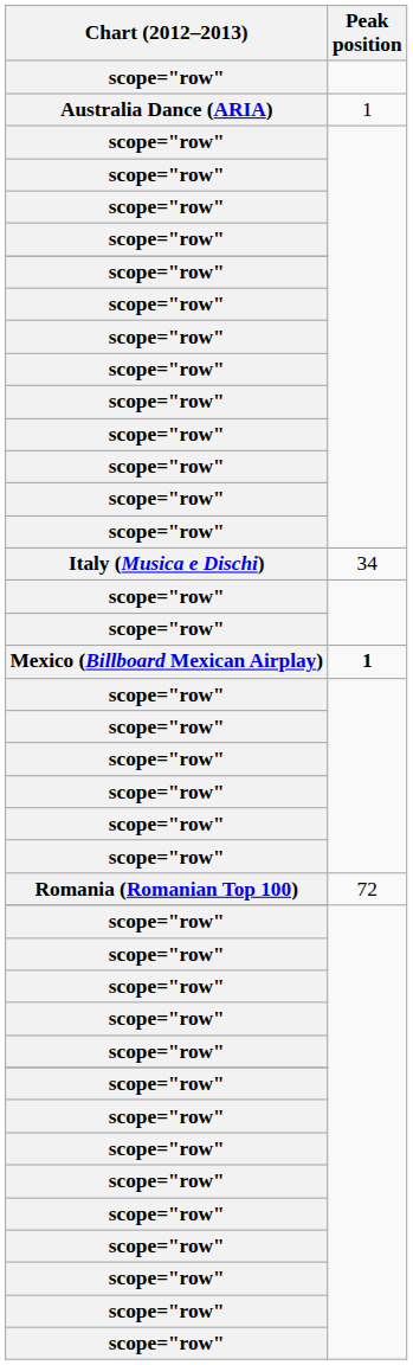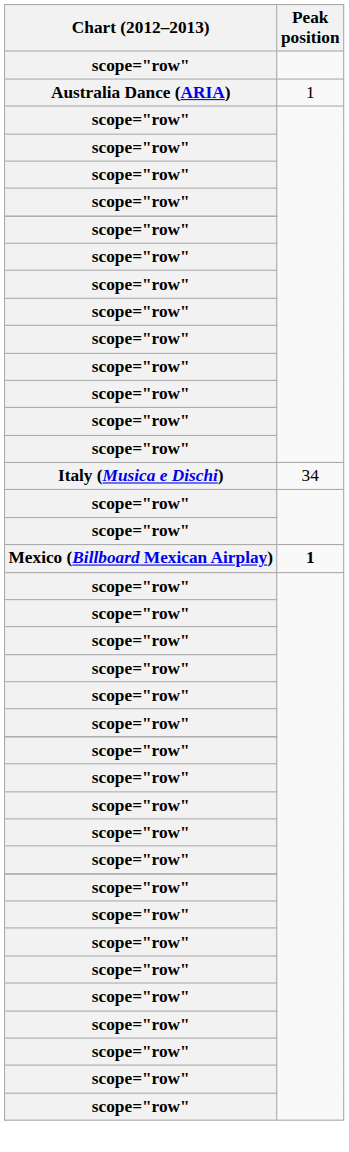 <table class="wikitable sortable plainrowheaders" style="text-align:center">
 <tr>
 <th scope="col">Chart (2012–2013)</th>
 <th scope="col">Peak<br>position</th>
 </tr>
 <tr>
 <th>scope="row"</th>
 </tr>
 <tr>
 <th scope="row">Australia Dance (<a href='#'>ARIA</a>)</th>
 <td>1</td>
 </tr>
 <tr>
 <th>scope="row"</th>
 </tr>
 <tr>
 <th>scope="row"</th>
 </tr>
 <tr>
 <th>scope="row"</th>
 </tr>
 <tr>
 <th>scope="row"</th>
 </tr>
 <tr>
 </tr>
 <tr>
 <th>scope="row"</th>
 </tr>
 <tr>
 <th>scope="row"</th>
 </tr>
 <tr>
 <th>scope="row"</th>
 </tr>
 <tr>
 <th>scope="row"</th>
 </tr>
 <tr>
 <th>scope="row"</th>
 </tr>
 <tr>
 <th>scope="row"</th>
 </tr>
 <tr>
 <th>scope="row"</th>
 </tr>
 <tr>
 <th>scope="row"</th>
 </tr>
 <tr>
 <th>scope="row"</th>
 </tr>
 <tr>
 <th scope="row">Italy (<em><a href='#'>Musica e Dischi</a></em>)</th>
 <td>34</td>
 </tr>
 <tr>
 <th>scope="row"</th>
 </tr>
 <tr>
 <th>scope="row"</th>
 </tr>
 <tr>
 <th scope="row">Mexico (<a href='#'><em>Billboard</em> Mexican Airplay</a>)</th>
 <td><strong>1</strong></td>
 </tr>
 <tr>
 <th>scope="row"</th>
 </tr>
 <tr>
 <th>scope="row"</th>
 </tr>
 <tr>
 <th>scope="row"</th>
 </tr>
 <tr>
 <th>scope="row"</th>
 </tr>
 <tr>
 <th>scope="row"</th>
 </tr>
 <tr>
 <th>scope="row"</th>
 </tr>
 <tr>
-<th scope="row">Romania (<a href='#'>Romanian Top 100</a>)</th>
-<td>72</td>
-</tr>
-<tr>
 </tr>
 <tr>
 <th>scope="row"</th>
 </tr>
 <tr>
 <th>scope="row"</th>
 </tr>
 <tr>
 <th>scope="row"</th>
 </tr>
 <tr>
 <th>scope="row"</th>
 </tr>
 <tr>
 <th>scope="row"</th>
 </tr>
 <tr>
 </tr>
 <tr>
 <th>scope="row"</th>
 </tr>
 <tr>
 <th>scope="row"</th>
 </tr>
 <tr>
 <th>scope="row"</th>
 </tr>
 <tr>
 <th>scope="row"</th>
 </tr>
 <tr>
 <th>scope="row"</th>
 </tr>
 <tr>
 <th>scope="row"</th>
 </tr>
 <tr>
 <th>scope="row"</th>
 </tr>
 <tr>
 <th>scope="row"</th>
 </tr>
 <tr>
 <th>scope="row"</th>
 </tr>
 </table>
